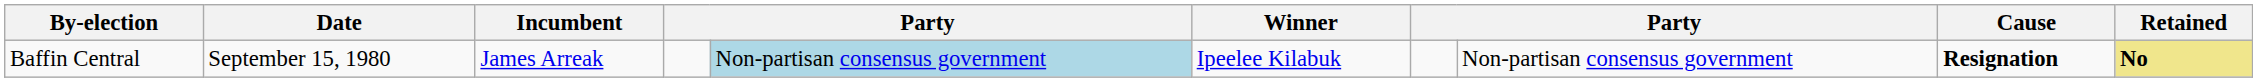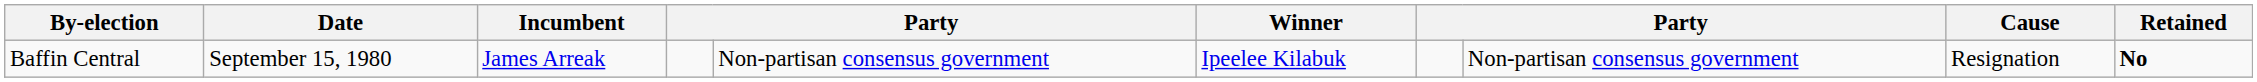 <table class=wikitable style="width:100%">
 <tr>
 <th>By-election</th>
 <th>Date</th>
 <th>Incumbent</th>
 <th colspan=2>Party</th>
 <th>Winner</th>
 <th colspan=2>Party</th>
 <th>Cause</th>
 <th>Retained</th>
 </tr>
 <tr>
 <td>Baffin Central</td>
 <td>September 15, 1980</td>
 <td><a href='#'>James Arreak</a></td>
 <td>    </td>
-<td style="background: lightblue;">Non-partisan <a href='#'>consensus government</a></td>
+<td>Non-partisan <a href='#'>consensus government</a></td>
 <td><a href='#'>Ipeelee Kilabuk</a></td>
 <td>    </td>
 <td>Non-partisan <a href='#'>consensus government</a></td>
-<td><strong>Resignation</strong></td>
-<td style="background: khaki;"><strong>No</strong></td>
+<td>Resignation</td>
+<td><strong>No</strong></td>
 </tr>
 </table>
